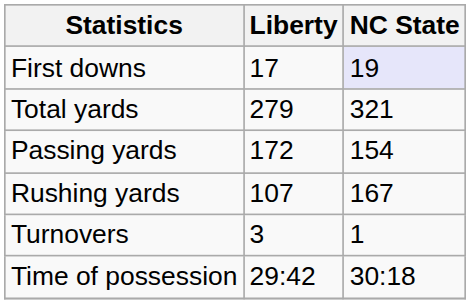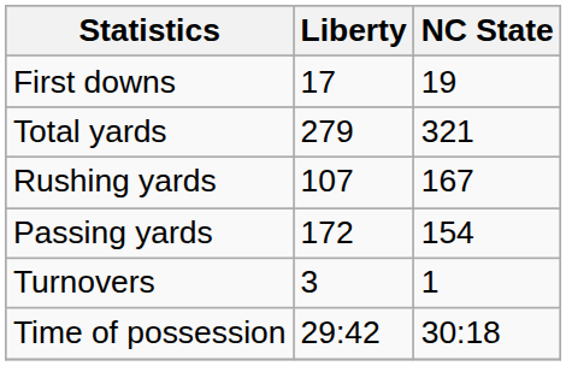 <table class="wikitable">
 <tr>
 <th>Statistics</th>
 <th>Liberty</th>
 <th>NC State</th>
 </tr>
 <tr>
 <td>First downs</td>
 <td>17</td>
-<td style="background: lavender;">19</td>
+<td>19</td>
 </tr>
 <tr>
 <td>Total yards</td>
 <td>279</td>
 <td>321</td>
 </tr>
 <tr>
+<td>Rushing yards</td>
+<td>107</td>
+<td>167</td>
+</tr>
+<tr>
 <td>Passing yards</td>
 <td>172</td>
 <td>154</td>
-</tr>
-<tr>
-<td>Rushing yards</td>
-<td>107</td>
-<td>167</td>
 </tr>
 <tr>
 <td>Turnovers</td>
 <td>3</td>
 <td>1</td>
 </tr>
 <tr>
 <td>Time of possession</td>
 <td>29:42</td>
 <td>30:18</td>
 </tr>
 <tr>
 </tr>
 </table>
